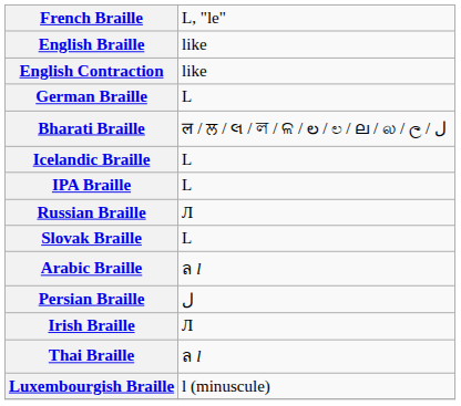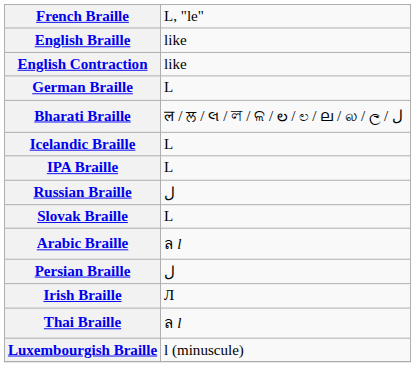 <table class="wikitable">
 <tr>
 <th align=left><a href='#'>French Braille</a></th>
 <td>L, "le"</td>
 </tr>
 <tr>
 <th align=left><a href='#'>English Braille</a></th>
 <td>like</td>
 </tr>
 <tr>
 <th align=left><a href='#'>English Contraction</a></th>
 <td>like</td>
 </tr>
 <tr>
 <th align=left><a href='#'>German Braille</a></th>
 <td>L</td>
 </tr>
 <tr>
 <th align=left><a href='#'>Bharati Braille</a></th>
 <td>ल / ਲ / લ / ল / ଳ / ల / ಲ / ല / ல / ල / ل ‎</td>
 </tr>
 <tr>
 <th align=left><a href='#'>Icelandic Braille</a></th>
 <td>L</td>
 </tr>
 <tr>
 <th align=left><a href='#'>IPA Braille</a></th>
 <td>L</td>
 </tr>
 <tr>
 <th align=left><a href='#'>Russian Braille</a></th>
-<td>Л</td>
+<td>ل</td>
 </tr>
 <tr>
 <th align=left><a href='#'>Slovak Braille</a></th>
 <td>L</td>
 </tr>
 <tr>
 <th align=left><a href='#'>Arabic Braille</a></th>
 <td>ล <em>l</em></td>
 </tr>
 <tr>
 <th align=left><a href='#'>Persian Braille</a></th>
 <td>ل</td>
 </tr>
 <tr>
 <th align=left><a href='#'>Irish Braille</a></th>
 <td>Л</td>
 </tr>
 <tr>
 <th align=left><a href='#'>Thai Braille</a></th>
 <td>ล <em>l</em></td>
 </tr>
 <tr>
 <th align=left><a href='#'>Luxembourgish Braille</a></th>
 <td>l (minuscule)</td>
 </tr>
 <tr>
 </tr>
 </table>
